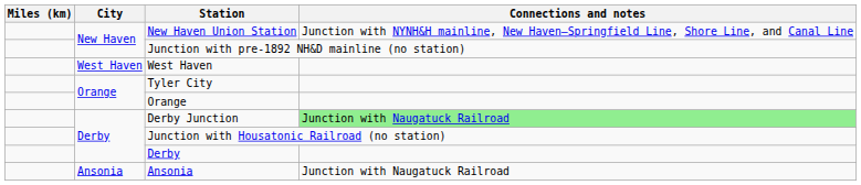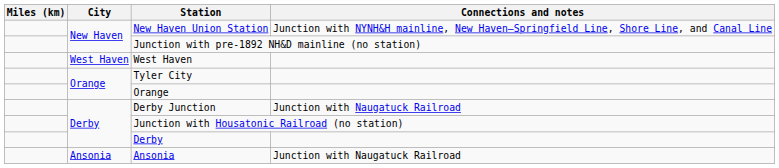 <table class="wikitable">
 <tr>
 <th>Miles (km)</th>
 <th>City</th>
 <th>Station</th>
 <th>Connections and notes</th>
 </tr>
 <tr>
 <td></td>
 <td rowspan="2"><a href='#'>New Haven</a></td>
 <td><a href='#'>New Haven Union Station</a></td>
 <td>Junction with <a href='#'>NYNH&H mainline</a>, <a href='#'>New Haven–Springfield Line</a>, <a href='#'>Shore Line</a>, and <a href='#'>Canal Line</a></td>
 </tr>
 <tr>
 <td></td>
 <td colspan=2>Junction with pre-1892 NH&D mainline (no station)</td>
 </tr>
 <tr>
 <td></td>
 <td><a href='#'>West Haven</a></td>
 <td>West Haven</td>
 <td></td>
 </tr>
 <tr>
 <td></td>
 <td rowspan="2"><a href='#'>Orange</a></td>
 <td>Tyler City</td>
 <td></td>
 </tr>
 <tr>
 <td></td>
 <td>Orange</td>
 <td></td>
 </tr>
 <tr>
 <td></td>
 <td rowspan="3"><a href='#'>Derby</a></td>
 <td>Derby Junction</td>
-<td style="background: lightgreen;">Junction with <a href='#'>Naugatuck Railroad</a></td>
+<td>Junction with <a href='#'>Naugatuck Railroad</a></td>
 </tr>
 <tr>
 <td></td>
 <td colspan="2">Junction with <a href='#'>Housatonic Railroad</a> (no station)</td>
 </tr>
 <tr>
 <td></td>
 <td><a href='#'>Derby</a></td>
 <td></td>
 </tr>
 <tr>
 <td></td>
 <td><a href='#'>Ansonia</a></td>
 <td><a href='#'>Ansonia</a></td>
 <td>Junction with Naugatuck Railroad</td>
 </tr>
 </table>
